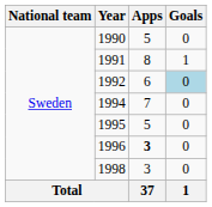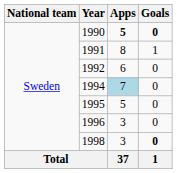 <table class="wikitable" style="text-align:center">
 <tr>
 <th>National team</th>
 <th>Year</th>
 <th>Apps</th>
 <th>Goals</th>
 </tr>
 <tr>
 <td rowspan="7"><a href='#'>Sweden</a></td>
 <td>1990</td>
-<td>5</td>
-<td>0</td>
+<td><strong>5</strong></td>
+<td><strong>0</strong></td>
 </tr>
 <tr>
 <td>1991</td>
 <td>8</td>
 <td>1</td>
 </tr>
 <tr>
 <td>1992</td>
 <td>6</td>
-<td style="background: lightblue;">0</td>
+<td>0</td>
 </tr>
 <tr>
 <td>1994</td>
-<td>7</td>
+<td style="background: lightblue;">7</td>
 <td>0</td>
 </tr>
 <tr>
 <td>1995</td>
 <td>5</td>
 <td>0</td>
 </tr>
 <tr>
 <td>1996</td>
-<td><strong>3</strong></td>
+<td>3</td>
 <td>0</td>
 </tr>
 <tr>
 <td>1998</td>
 <td>3</td>
-<td>0</td>
+<td><strong>0</strong></td>
 </tr>
 <tr>
 <th colspan="2">Total</th>
 <th>37</th>
 <th>1</th>
 </tr>
 </table>
